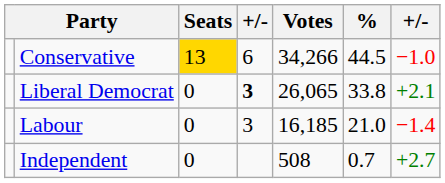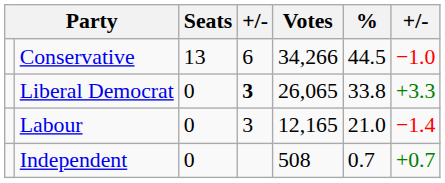 <table class="wikitable">
 <tr>
 <th colspan="2">Party</th>
 <th>Seats</th>
 <th>+/-</th>
 <th>Votes</th>
 <th>%</th>
 <th>+/-</th>
 </tr>
 <tr>
 <td style="background-color: "></td>
 <td><a href='#'>Conservative</a></td>
-<td style="background: gold;">13</td>
+<td>13</td>
 <td> 6</td>
 <td>34,266</td>
 <td>44.5</td>
 <td style="color:red">−1.0</td>
 </tr>
 <tr>
 <td style="background-color: "></td>
 <td><a href='#'>Liberal Democrat</a></td>
 <td>0</td>
 <td><strong> 3</strong></td>
 <td>26,065</td>
 <td>33.8</td>
-<td style="color:green">+2.1</td>
+<td style="color:green">+3.3</td>
 </tr>
 <tr>
 <td style="background-color: "></td>
 <td><a href='#'>Labour</a></td>
 <td>0</td>
 <td> 3</td>
-<td>16,185</td>
+<td>12,165</td>
 <td>21.0</td>
 <td style="color:red">−1.4</td>
 </tr>
 <tr>
 <td style="background-color: "></td>
 <td><a href='#'>Independent</a></td>
 <td>0</td>
 <td></td>
 <td>508</td>
 <td>0.7</td>
-<td style="color:green">+2.7</td>
+<td style="color:green">+0.7</td>
 </tr>
 </table>
